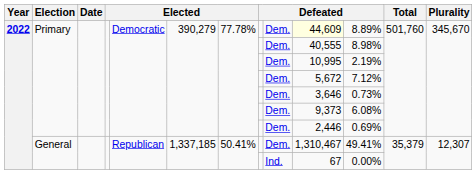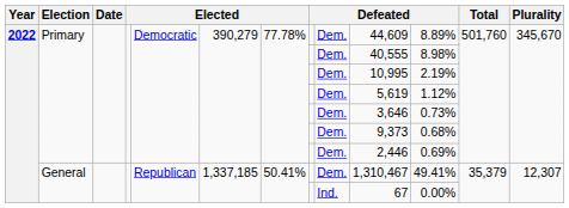 <table class="wikitable">
 <tr>
 <th>Year</th>
 <th>Election</th>
 <th>Date</th>
 <th colspan="4">Elected</th>
 <th colspan="4">Defeated</th>
 <th>Total</th>
 <th>Plurality</th>
 </tr>
 <tr>
 <th rowspan="9" valign="top"><a href='#'>2022</a></th>
 <td rowspan="7" valign="top">Primary</td>
 <td rowspan="7" valign="top"></td>
 <td rowspan="7" valign="top"></td>
 <td valign="top" rowspan="7" ><a href='#'>Democratic</a></td>
 <td rowspan="7" valign="top" align="right">390,279</td>
 <td rowspan="7" valign="top" align="right">77.78%</td>
 <td valign="top"></td>
 <td valign="top" ><a href='#'>Dem.</a></td>
-<td valign="top" align="right" style="background: lightyellow;">44,609</td>
+<td valign="top" align="right">44,609</td>
 <td valign="top" align="right">8.89%</td>
 <td rowspan="7" valign="top" align="right">501,760</td>
 <td rowspan="7" valign="top" align="right">345,670</td>
 </tr>
 <tr>
 <td valign="top"></td>
 <td valign="top" ><a href='#'>Dem.</a></td>
 <td valign="top" align="right">40,555</td>
 <td valign="top" align="right">8.98%</td>
 </tr>
 <tr>
 <td valign="top"></td>
 <td valign="top" ><a href='#'>Dem.</a></td>
 <td valign="top" align="right">10,995</td>
 <td valign="top" align="right">2.19%</td>
 </tr>
 <tr>
 <td valign="top"></td>
 <td valign="top" ><a href='#'>Dem.</a></td>
-<td valign="top" align="right">5,672</td>
-<td valign="top" align="right">7.12%</td>
+<td valign="top" align="right">5,619</td>
+<td valign="top" align="right">1.12%</td>
 </tr>
 <tr>
 <td></td>
 <td valign="top" ><a href='#'>Dem.</a></td>
 <td valign="top" align="right">3,646</td>
 <td valign="top" align="right">0.73%</td>
 </tr>
 <tr>
 <td></td>
 <td valign="top" ><a href='#'>Dem.</a></td>
 <td valign="top" align="right">9,373</td>
-<td valign="top" align="right">6.08%</td>
+<td valign="top" align="right">0.68%</td>
 </tr>
 <tr>
 <td></td>
 <td valign="top" ><a href='#'>Dem.</a></td>
 <td valign="top" align="right">2,446</td>
 <td valign="top" align="right">0.69%</td>
 </tr>
 <tr>
 <td rowspan="2" valign="top">General</td>
 <td rowspan="2" valign="top"></td>
 <td rowspan="2" valign="top"></td>
 <td rowspan="2" valign="top" ><a href='#'>Republican</a></td>
 <td rowspan="2" valign="top" align="right">1,337,185</td>
 <td rowspan="2" valign="top" align="right">50.41%</td>
 <td valign="top"></td>
 <td valign="top" ><a href='#'>Dem.</a></td>
 <td valign="top" align="right">1,310,467</td>
 <td valign="top" align="right">49.41%</td>
 <td rowspan="2" valign="top" align="right">35,379</td>
 <td rowspan="2" valign="top" align="right">12,307</td>
 </tr>
 <tr>
 <td valign="top"></td>
 <td valign="top" ><a href='#'>Ind.</a></td>
 <td valign="top" align="right">67</td>
 <td valign="top" align="right">0.00%</td>
 </tr>
 </table>
